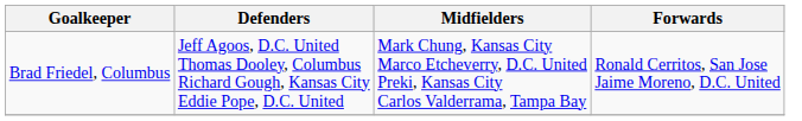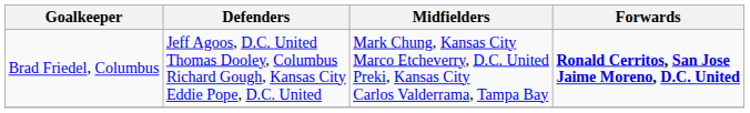 <table class="wikitable">
 <tr style="background:#cccccc;">
 <th>Goalkeeper</th>
 <th>Defenders</th>
 <th>Midfielders</th>
 <th>Forwards</th>
 </tr>
 <tr>
 <td> <a href='#'>Brad Friedel</a>, <a href='#'>Columbus</a></td>
 <td> <a href='#'>Jeff Agoos</a>, <a href='#'>D.C. United</a><br> <a href='#'>Thomas Dooley</a>, <a href='#'>Columbus</a><br> <a href='#'>Richard Gough</a>, <a href='#'>Kansas City</a><br> <a href='#'>Eddie Pope</a>, <a href='#'>D.C. United</a></td>
 <td> <a href='#'>Mark Chung</a>, <a href='#'>Kansas City</a><br> <a href='#'>Marco Etcheverry</a>, <a href='#'>D.C. United</a><br> <a href='#'>Preki</a>, <a href='#'>Kansas City</a><br> <a href='#'>Carlos Valderrama</a>, <a href='#'>Tampa Bay</a></td>
-<td> <a href='#'>Ronald Cerritos</a>, <a href='#'>San Jose</a><br> <a href='#'>Jaime Moreno</a>, <a href='#'>D.C. United</a></td>
+<td><strong> <a href='#'>Ronald Cerritos</a>, <a href='#'>San Jose</a><br> <a href='#'>Jaime Moreno</a>, <a href='#'>D.C. United</a></strong></td>
 </tr>
 <tr style="background:#f4f4f4;">
 </tr>
 </table>
